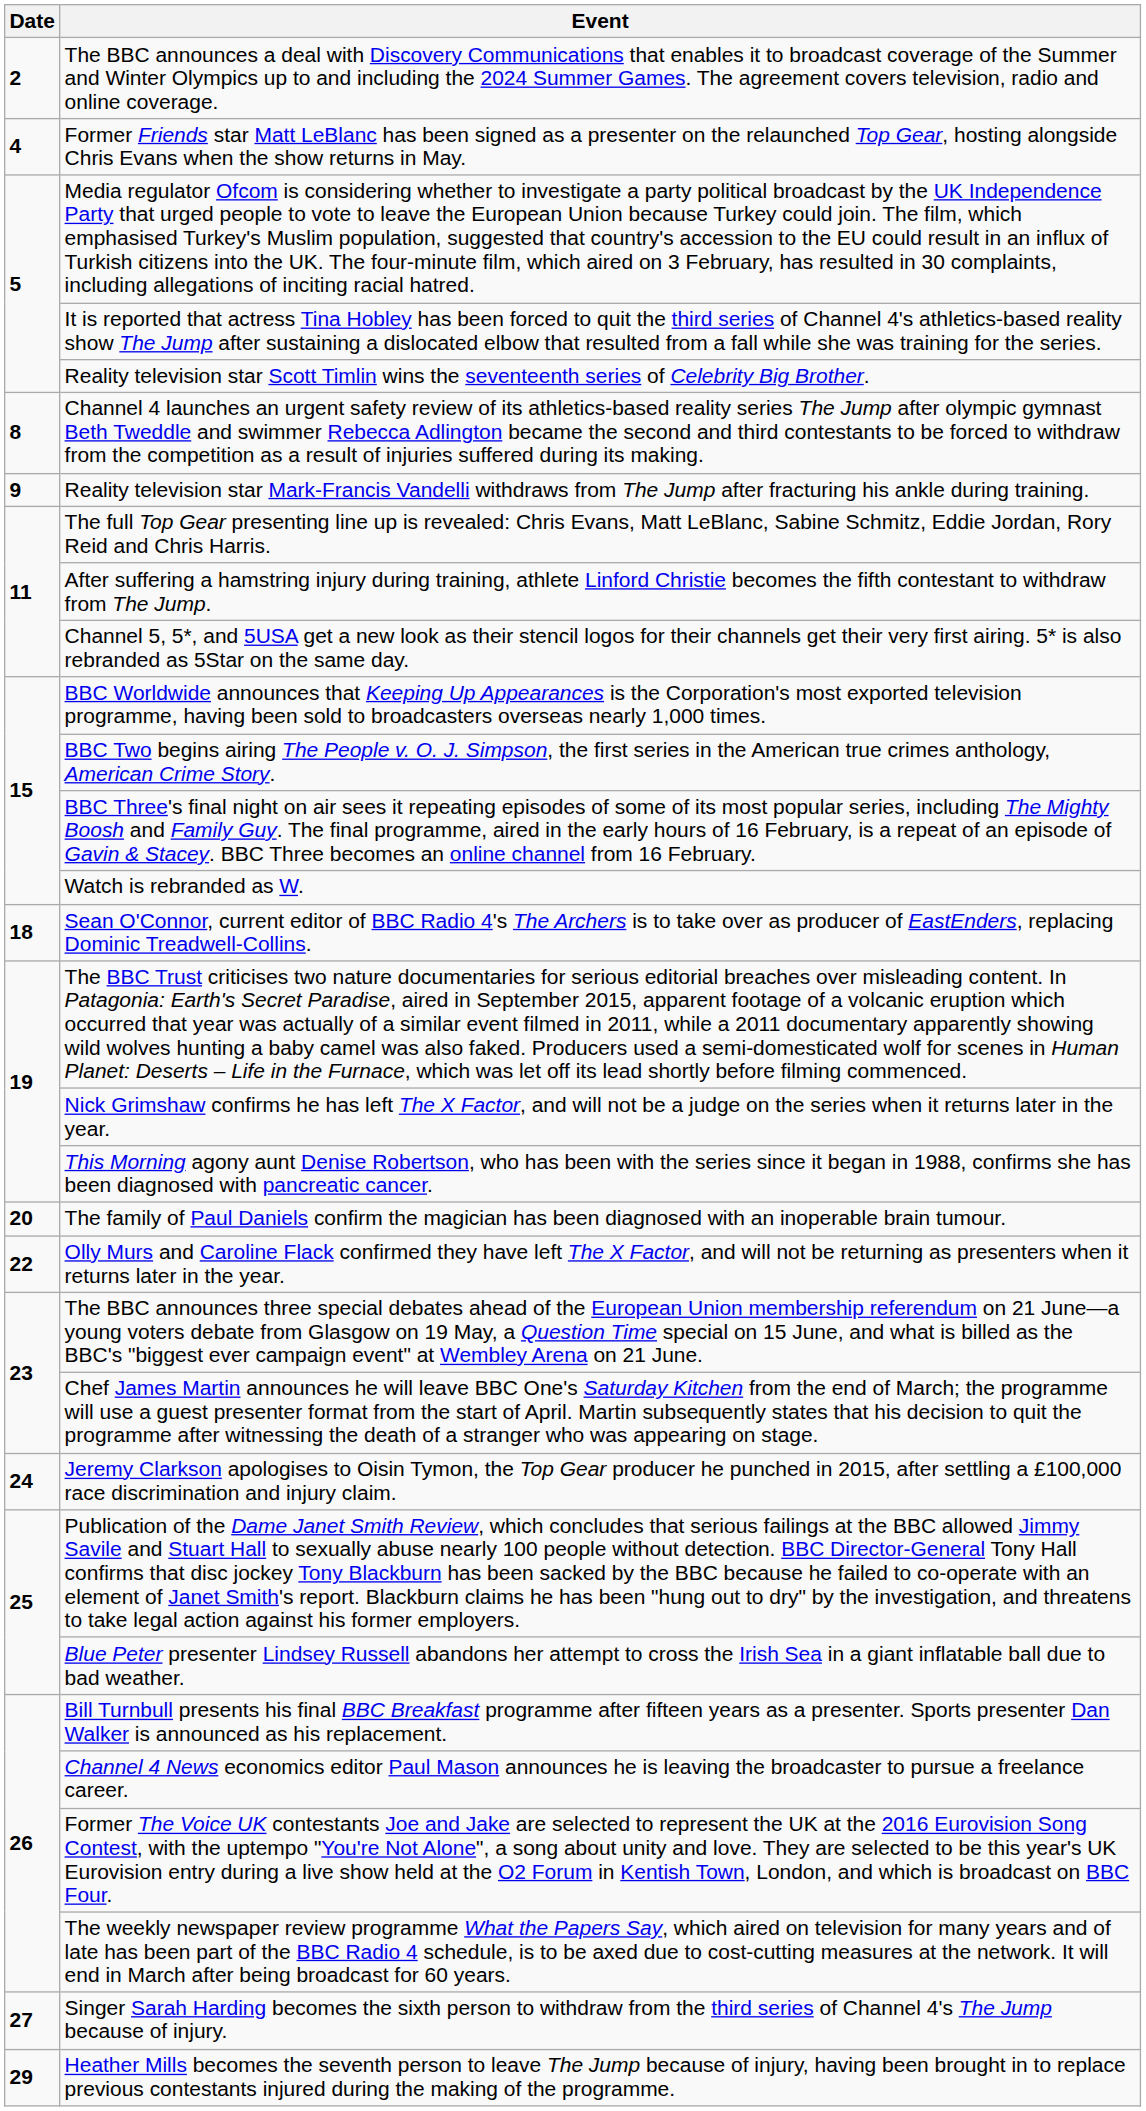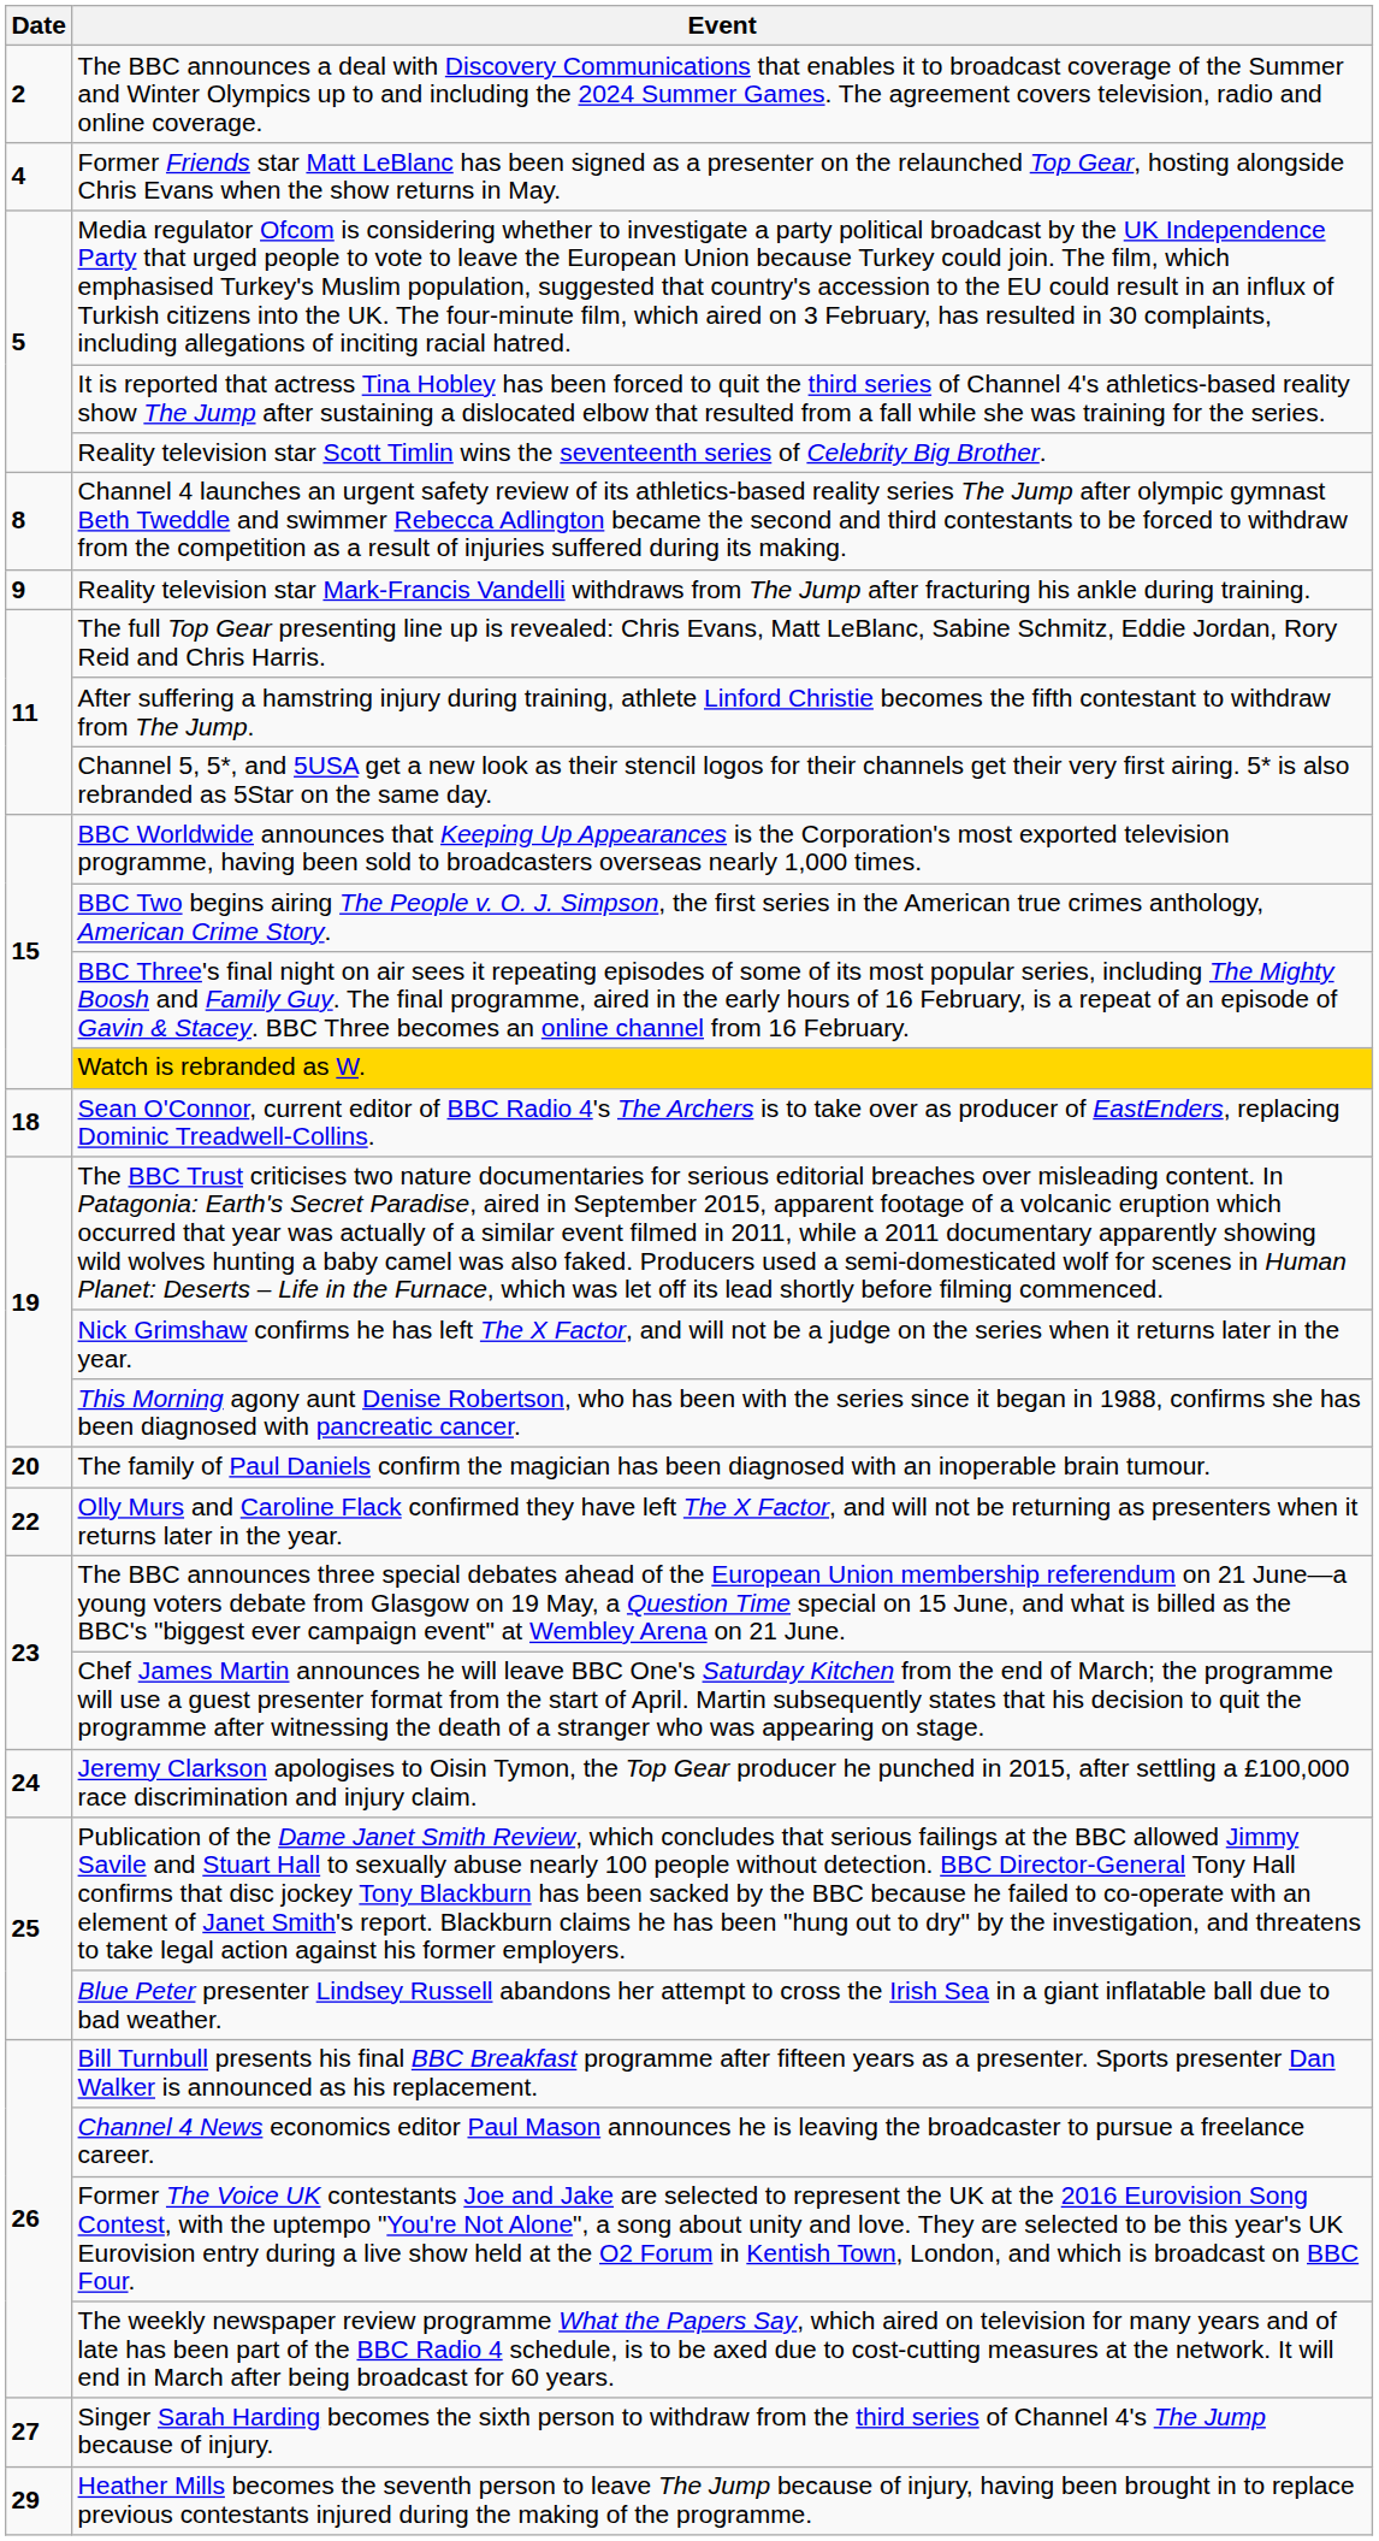 <table class="wikitable">
 <tr>
 <th>Date</th>
 <th>Event</th>
 </tr>
 <tr>
 <td><strong>2</strong></td>
 <td>The BBC announces a deal with <a href='#'>Discovery Communications</a> that enables it to broadcast coverage of the Summer and Winter Olympics up to and including the <a href='#'>2024 Summer Games</a>. The agreement covers television, radio and online coverage.</td>
 </tr>
 <tr>
 <td><strong>4</strong></td>
 <td>Former <em><a href='#'>Friends</a></em> star <a href='#'>Matt LeBlanc</a> has been signed as a presenter on the relaunched <em><a href='#'>Top Gear</a></em>, hosting alongside Chris Evans when the show returns in May.</td>
 </tr>
 <tr>
 <td rowspan=3><strong>5</strong></td>
 <td>Media regulator <a href='#'>Ofcom</a> is considering whether to investigate a party political broadcast by the <a href='#'>UK Independence Party</a> that urged people to vote to leave the European Union because Turkey could join. The film, which emphasised Turkey's Muslim population, suggested that country's accession to the EU could result in an influx of Turkish citizens into the UK. The four-minute film, which aired on 3 February, has resulted in 30 complaints, including allegations of inciting racial hatred.</td>
 </tr>
 <tr>
 <td>It is reported that actress <a href='#'>Tina Hobley</a> has been forced to quit the <a href='#'>third series</a> of Channel 4's athletics-based reality show <em><a href='#'>The Jump</a></em> after sustaining a dislocated elbow that resulted from a fall while she was training for the series.</td>
 </tr>
 <tr>
 <td>Reality television star <a href='#'>Scott Timlin</a> wins the <a href='#'>seventeenth series</a> of <em><a href='#'>Celebrity Big Brother</a></em>.</td>
 </tr>
 <tr>
 <td><strong>8</strong></td>
 <td>Channel 4 launches an urgent safety review of its athletics-based reality series <em>The Jump</em> after olympic gymnast <a href='#'>Beth Tweddle</a> and swimmer <a href='#'>Rebecca Adlington</a> became the second and third contestants to be forced to withdraw from the competition as a result of injuries suffered during its making.</td>
 </tr>
 <tr>
 <td><strong>9</strong></td>
 <td>Reality television star <a href='#'>Mark-Francis Vandelli</a> withdraws from <em>The Jump</em> after fracturing his ankle during training.</td>
 </tr>
 <tr>
 <td rowspan=3><strong>11</strong></td>
 <td>The full <em>Top Gear</em> presenting line up is revealed: Chris Evans, Matt LeBlanc, Sabine Schmitz, Eddie Jordan, Rory Reid and Chris Harris.</td>
 </tr>
 <tr>
 <td>After suffering a hamstring injury during training, athlete <a href='#'>Linford Christie</a> becomes the fifth contestant to withdraw from <em>The Jump</em>.</td>
 </tr>
 <tr>
 <td>Channel 5, 5*, and <a href='#'>5USA</a> get a new look as their stencil logos for their channels get their very first airing. 5* is also rebranded as 5Star on the same day.</td>
 </tr>
 <tr>
 <td rowspan=4><strong>15</strong></td>
 <td><a href='#'>BBC Worldwide</a> announces that <em><a href='#'>Keeping Up Appearances</a></em> is the Corporation's most exported television programme, having been sold to broadcasters overseas nearly 1,000 times.</td>
 </tr>
 <tr>
 <td><a href='#'>BBC Two</a> begins airing <em><a href='#'>The People v. O. J. Simpson</a></em>, the first series in the American true crimes anthology, <em><a href='#'>American Crime Story</a></em>.</td>
 </tr>
 <tr>
 <td><a href='#'>BBC Three</a>'s final night on air sees it repeating episodes of some of its most popular series, including <em><a href='#'>The Mighty Boosh</a></em> and <em><a href='#'>Family Guy</a></em>. The final programme, aired in the early hours of 16 February, is a repeat of an episode of <em><a href='#'>Gavin & Stacey</a></em>. BBC Three becomes an <a href='#'>online channel</a> from 16 February.</td>
 </tr>
 <tr>
-<td>Watch is rebranded as <a href='#'>W</a>.</td>
+<td style="background: gold;">Watch is rebranded as <a href='#'>W</a>.</td>
 </tr>
 <tr>
 <td><strong>18</strong></td>
 <td><a href='#'>Sean O'Connor</a>, current editor of <a href='#'>BBC Radio 4</a>'s <em><a href='#'>The Archers</a></em> is to take over as producer of <em><a href='#'>EastEnders</a></em>, replacing <a href='#'>Dominic Treadwell-Collins</a>.</td>
 </tr>
 <tr>
 <td rowspan=3><strong>19</strong></td>
 <td>The <a href='#'>BBC Trust</a> criticises two nature documentaries for serious editorial breaches over misleading content. In <em>Patagonia: Earth's Secret Paradise</em>, aired in September 2015, apparent footage of a volcanic eruption which occurred that year was actually of a similar event filmed in 2011, while a 2011 documentary apparently showing wild wolves hunting a baby camel was also faked. Producers used a semi-domesticated wolf for scenes in <em>Human Planet: Deserts – Life in the Furnace</em>, which was let off its lead shortly before filming commenced.</td>
 </tr>
 <tr>
 <td><a href='#'>Nick Grimshaw</a> confirms he has left <em><a href='#'>The X Factor</a></em>, and will not be a judge on the series when it returns later in the year.</td>
 </tr>
 <tr>
 <td><em><a href='#'>This Morning</a></em> agony aunt <a href='#'>Denise Robertson</a>, who has been with the series since it began in 1988, confirms she has been diagnosed with <a href='#'>pancreatic cancer</a>.</td>
 </tr>
 <tr>
 <td><strong>20</strong></td>
 <td>The family of <a href='#'>Paul Daniels</a> confirm the magician has been diagnosed with an inoperable brain tumour.</td>
 </tr>
 <tr>
 <td><strong>22</strong></td>
 <td><a href='#'>Olly Murs</a> and <a href='#'>Caroline Flack</a> confirmed they have left <em><a href='#'>The X Factor</a></em>, and will not be returning as presenters when it returns later in the year.</td>
 </tr>
 <tr>
 <td rowspan=2><strong>23</strong></td>
 <td>The BBC announces three special debates ahead of the <a href='#'>European Union membership referendum</a> on 21 June—a young voters debate from Glasgow on 19 May, a <em><a href='#'>Question Time</a></em> special on 15 June, and what is billed as the BBC's "biggest ever campaign event" at <a href='#'>Wembley Arena</a> on 21 June.</td>
 </tr>
 <tr>
 <td>Chef <a href='#'>James Martin</a> announces he will leave BBC One's <em><a href='#'>Saturday Kitchen</a></em> from the end of March; the programme will use a guest presenter format from the start of April. Martin subsequently states that his decision to quit the programme after witnessing the death of a stranger who was appearing on stage.</td>
 </tr>
 <tr>
 <td><strong>24</strong></td>
 <td><a href='#'>Jeremy Clarkson</a> apologises to Oisin Tymon, the <em>Top Gear</em> producer he punched in 2015, after settling a £100,000 race discrimination and injury claim.</td>
 </tr>
 <tr>
 <td rowspan=2><strong>25</strong></td>
 <td>Publication of the <em><a href='#'>Dame Janet Smith Review</a></em>, which concludes that serious failings at the BBC allowed <a href='#'>Jimmy Savile</a> and <a href='#'>Stuart Hall</a> to sexually abuse nearly 100 people without detection. <a href='#'>BBC Director-General</a> Tony Hall confirms that disc jockey <a href='#'>Tony Blackburn</a> has been sacked by the BBC because he failed to co-operate with an element of <a href='#'>Janet Smith</a>'s report. Blackburn claims he has been "hung out to dry" by the investigation, and threatens to take legal action against his former employers.</td>
 </tr>
 <tr>
 <td><em><a href='#'>Blue Peter</a></em> presenter <a href='#'>Lindsey Russell</a> abandons her attempt to cross the <a href='#'>Irish Sea</a> in a giant inflatable ball due to bad weather.</td>
 </tr>
 <tr>
 <td rowspan=4><strong>26</strong></td>
 <td><a href='#'>Bill Turnbull</a> presents his final <em><a href='#'>BBC Breakfast</a></em> programme after fifteen years as a presenter. Sports presenter <a href='#'>Dan Walker</a> is announced as his replacement.</td>
 </tr>
 <tr>
 <td><em><a href='#'>Channel 4 News</a></em> economics editor <a href='#'>Paul Mason</a> announces he is leaving the broadcaster to pursue a freelance career.</td>
 </tr>
 <tr>
 <td>Former <em><a href='#'>The Voice UK</a></em> contestants <a href='#'>Joe and Jake</a> are selected to represent the UK at the <a href='#'>2016 Eurovision Song Contest</a>, with the uptempo "<a href='#'>You're Not Alone</a>", a song about unity and love. They are selected to be this year's UK Eurovision entry during a live show held at the <a href='#'>O2 Forum</a> in <a href='#'>Kentish Town</a>, London, and which is broadcast on <a href='#'>BBC Four</a>.</td>
 </tr>
 <tr>
 <td>The weekly newspaper review programme <em><a href='#'>What the Papers Say</a></em>, which aired on television for many years and of late has been part of the <a href='#'>BBC Radio 4</a> schedule, is to be axed due to cost-cutting measures at the network. It will end in March after being broadcast for 60 years.</td>
 </tr>
 <tr>
 <td><strong>27</strong></td>
 <td>Singer <a href='#'>Sarah Harding</a> becomes the sixth person to withdraw from the <a href='#'>third series</a> of Channel 4's <em><a href='#'>The Jump</a></em> because of injury.</td>
 </tr>
 <tr>
 <td><strong>29</strong></td>
 <td><a href='#'>Heather Mills</a> becomes the seventh person to leave <em>The Jump</em> because of injury, having been brought in to replace previous contestants injured during the making of the programme.</td>
 </tr>
 </table>
